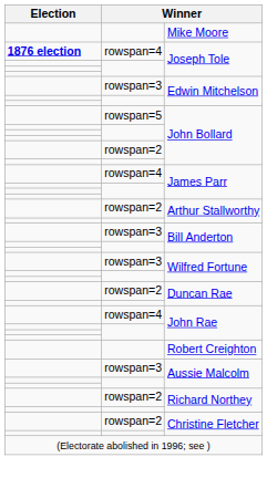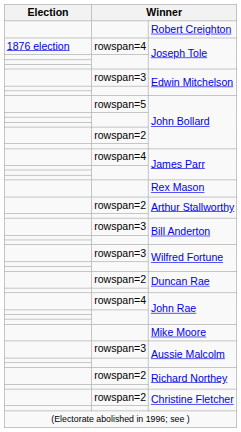 <table class=wikitable>
 <tr>
 <th width=125>Election</th>
 <th width=175 colspan=2>Winner</th>
 </tr>
 <tr>
 <td></td>
 <td></td>
-<td><a href='#'>Mike Moore</a></td>
+<td><a href='#'>Robert Creighton</a></td>
 </tr>
 <tr>
-<td><strong><a href='#'>1876 election</a></strong></td>
+<td><a href='#'>1876 election</a></td>
 <td>rowspan=4 </td>
 <td rowspan=4><a href='#'>Joseph Tole</a></td>
 </tr>
 <tr>
 <td></td>
 </tr>
 <tr>
 <td></td>
 </tr>
 <tr>
 <td></td>
 </tr>
 <tr>
 <td></td>
 <td>rowspan=3 </td>
 <td rowspan=3><a href='#'>Edwin Mitchelson</a></td>
 </tr>
 <tr>
 <td></td>
 </tr>
 <tr>
 <td></td>
 </tr>
 <tr>
 <td></td>
 <td>rowspan=5 </td>
 <td rowspan=7><a href='#'>John Bollard</a></td>
 </tr>
 <tr>
 <td></td>
 </tr>
 <tr>
 <td></td>
 </tr>
 <tr>
 <td></td>
 </tr>
 <tr>
 <td rowspan=2 height=18></td>
 </tr>
 <tr>
 <td>rowspan=2 </td>
 </tr>
 <tr>
 <td></td>
 </tr>
 <tr>
 <td></td>
 <td>rowspan=4 </td>
 <td rowspan=4><a href='#'>James Parr</a></td>
 </tr>
 <tr>
 <td></td>
 </tr>
 <tr>
 <td></td>
 </tr>
 <tr>
 <td></td>
 </tr>
 <tr>
 <td></td>
+<td></td>
+<td><a href='#'>Rex Mason</a></td>
+</tr>
+<tr>
+<td></td>
 <td>rowspan=2 </td>
 <td rowspan=2><a href='#'>Arthur Stallworthy</a></td>
 </tr>
 <tr>
 <td></td>
 </tr>
 <tr>
 <td></td>
 <td>rowspan=3 </td>
 <td rowspan=3><a href='#'>Bill Anderton</a></td>
 </tr>
 <tr>
 <td></td>
 </tr>
 <tr>
 <td></td>
 </tr>
 <tr>
 <td></td>
 <td>rowspan=3 </td>
 <td rowspan=3><a href='#'>Wilfred Fortune</a></td>
 </tr>
 <tr>
 <td></td>
 </tr>
 <tr>
 <td></td>
 </tr>
 <tr>
 <td></td>
 <td>rowspan=2 </td>
 <td rowspan=2><a href='#'>Duncan Rae</a></td>
 </tr>
 <tr>
 <td></td>
 </tr>
 <tr>
 <td></td>
 <td>rowspan=4 </td>
 <td rowspan=4><a href='#'>John Rae</a></td>
 </tr>
 <tr>
 <td></td>
 </tr>
 <tr>
 <td></td>
 </tr>
 <tr>
 <td></td>
 </tr>
 <tr>
 <td></td>
 <td></td>
-<td><a href='#'>Robert Creighton</a></td>
+<td><a href='#'>Mike Moore</a></td>
 </tr>
 <tr>
 <td></td>
 <td>rowspan=3 </td>
 <td rowspan=3><a href='#'>Aussie Malcolm</a></td>
 </tr>
 <tr>
 <td></td>
 </tr>
 <tr>
 <td></td>
 </tr>
 <tr>
 <td></td>
 <td>rowspan=2 </td>
 <td rowspan=2><a href='#'>Richard Northey</a></td>
 </tr>
 <tr>
 <td></td>
 </tr>
 <tr>
 <td></td>
 <td>rowspan=2 </td>
 <td rowspan=2><a href='#'>Christine Fletcher</a></td>
 </tr>
 <tr>
 <td></td>
 </tr>
 <tr>
 <td colspan=3 align=center><small>(Electorate abolished in 1996; see )</small></td>
 </tr>
 </table>
